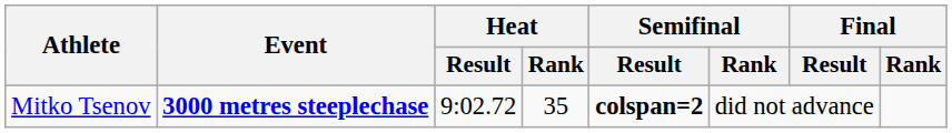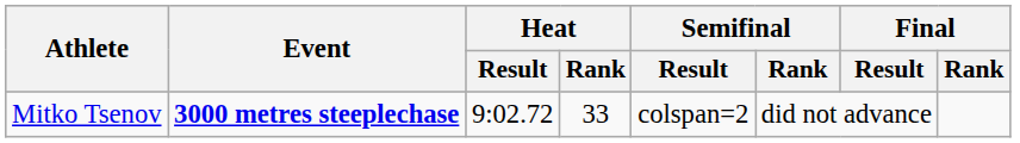 <table class="wikitable" style="font-size:90%">
 <tr>
 <th rowspan="2">Athlete</th>
 <th rowspan="2">Event</th>
 <th colspan="2">Heat</th>
 <th colspan="2">Semifinal</th>
 <th colspan="2">Final</th>
 </tr>
 <tr style="font-size:95%">
 <th>Result</th>
 <th>Rank</th>
 <th>Result</th>
 <th>Rank</th>
 <th>Result</th>
 <th>Rank</th>
 </tr>
 <tr style=text-align:center>
 <td style=text-align:left><a href='#'>Mitko Tsenov</a></td>
 <td style=text-align:left><strong><a href='#'>3000 metres steeplechase</a></strong></td>
 <td>9:02.72</td>
-<td>35</td>
-<td><strong>colspan=2 </strong></td>
+<td>33</td>
+<td>colspan=2 </td>
 <td colspan=2>did not advance</td>
 </tr>
 </table>
